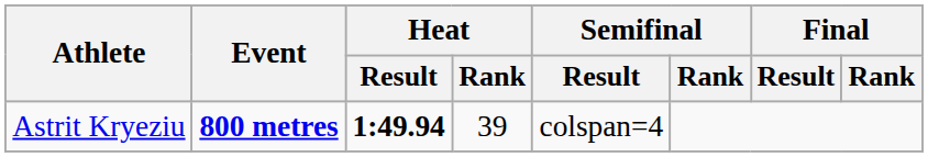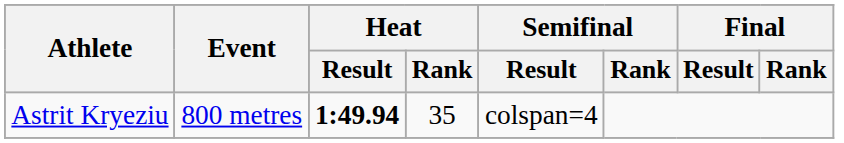 <table class="wikitable" style="font-size:90%">
 <tr>
 <th rowspan="2">Athlete</th>
 <th rowspan="2">Event</th>
 <th colspan="2">Heat</th>
 <th colspan="2">Semifinal</th>
 <th colspan="2">Final</th>
 </tr>
 <tr style="font-size:95%">
 <th>Result</th>
 <th>Rank</th>
 <th>Result</th>
 <th>Rank</th>
 <th>Result</th>
 <th>Rank</th>
 </tr>
 <tr style=text-align:center>
 <td style=text-align:left><a href='#'>Astrit Kryeziu</a></td>
-<td style=text-align:left><strong><a href='#'>800 metres</a></strong></td>
+<td style=text-align:left><a href='#'>800 metres</a></td>
 <td><strong>1:49.94</strong></td>
-<td>39</td>
+<td>35</td>
 <td>colspan=4 </td>
 </tr>
 </table>
